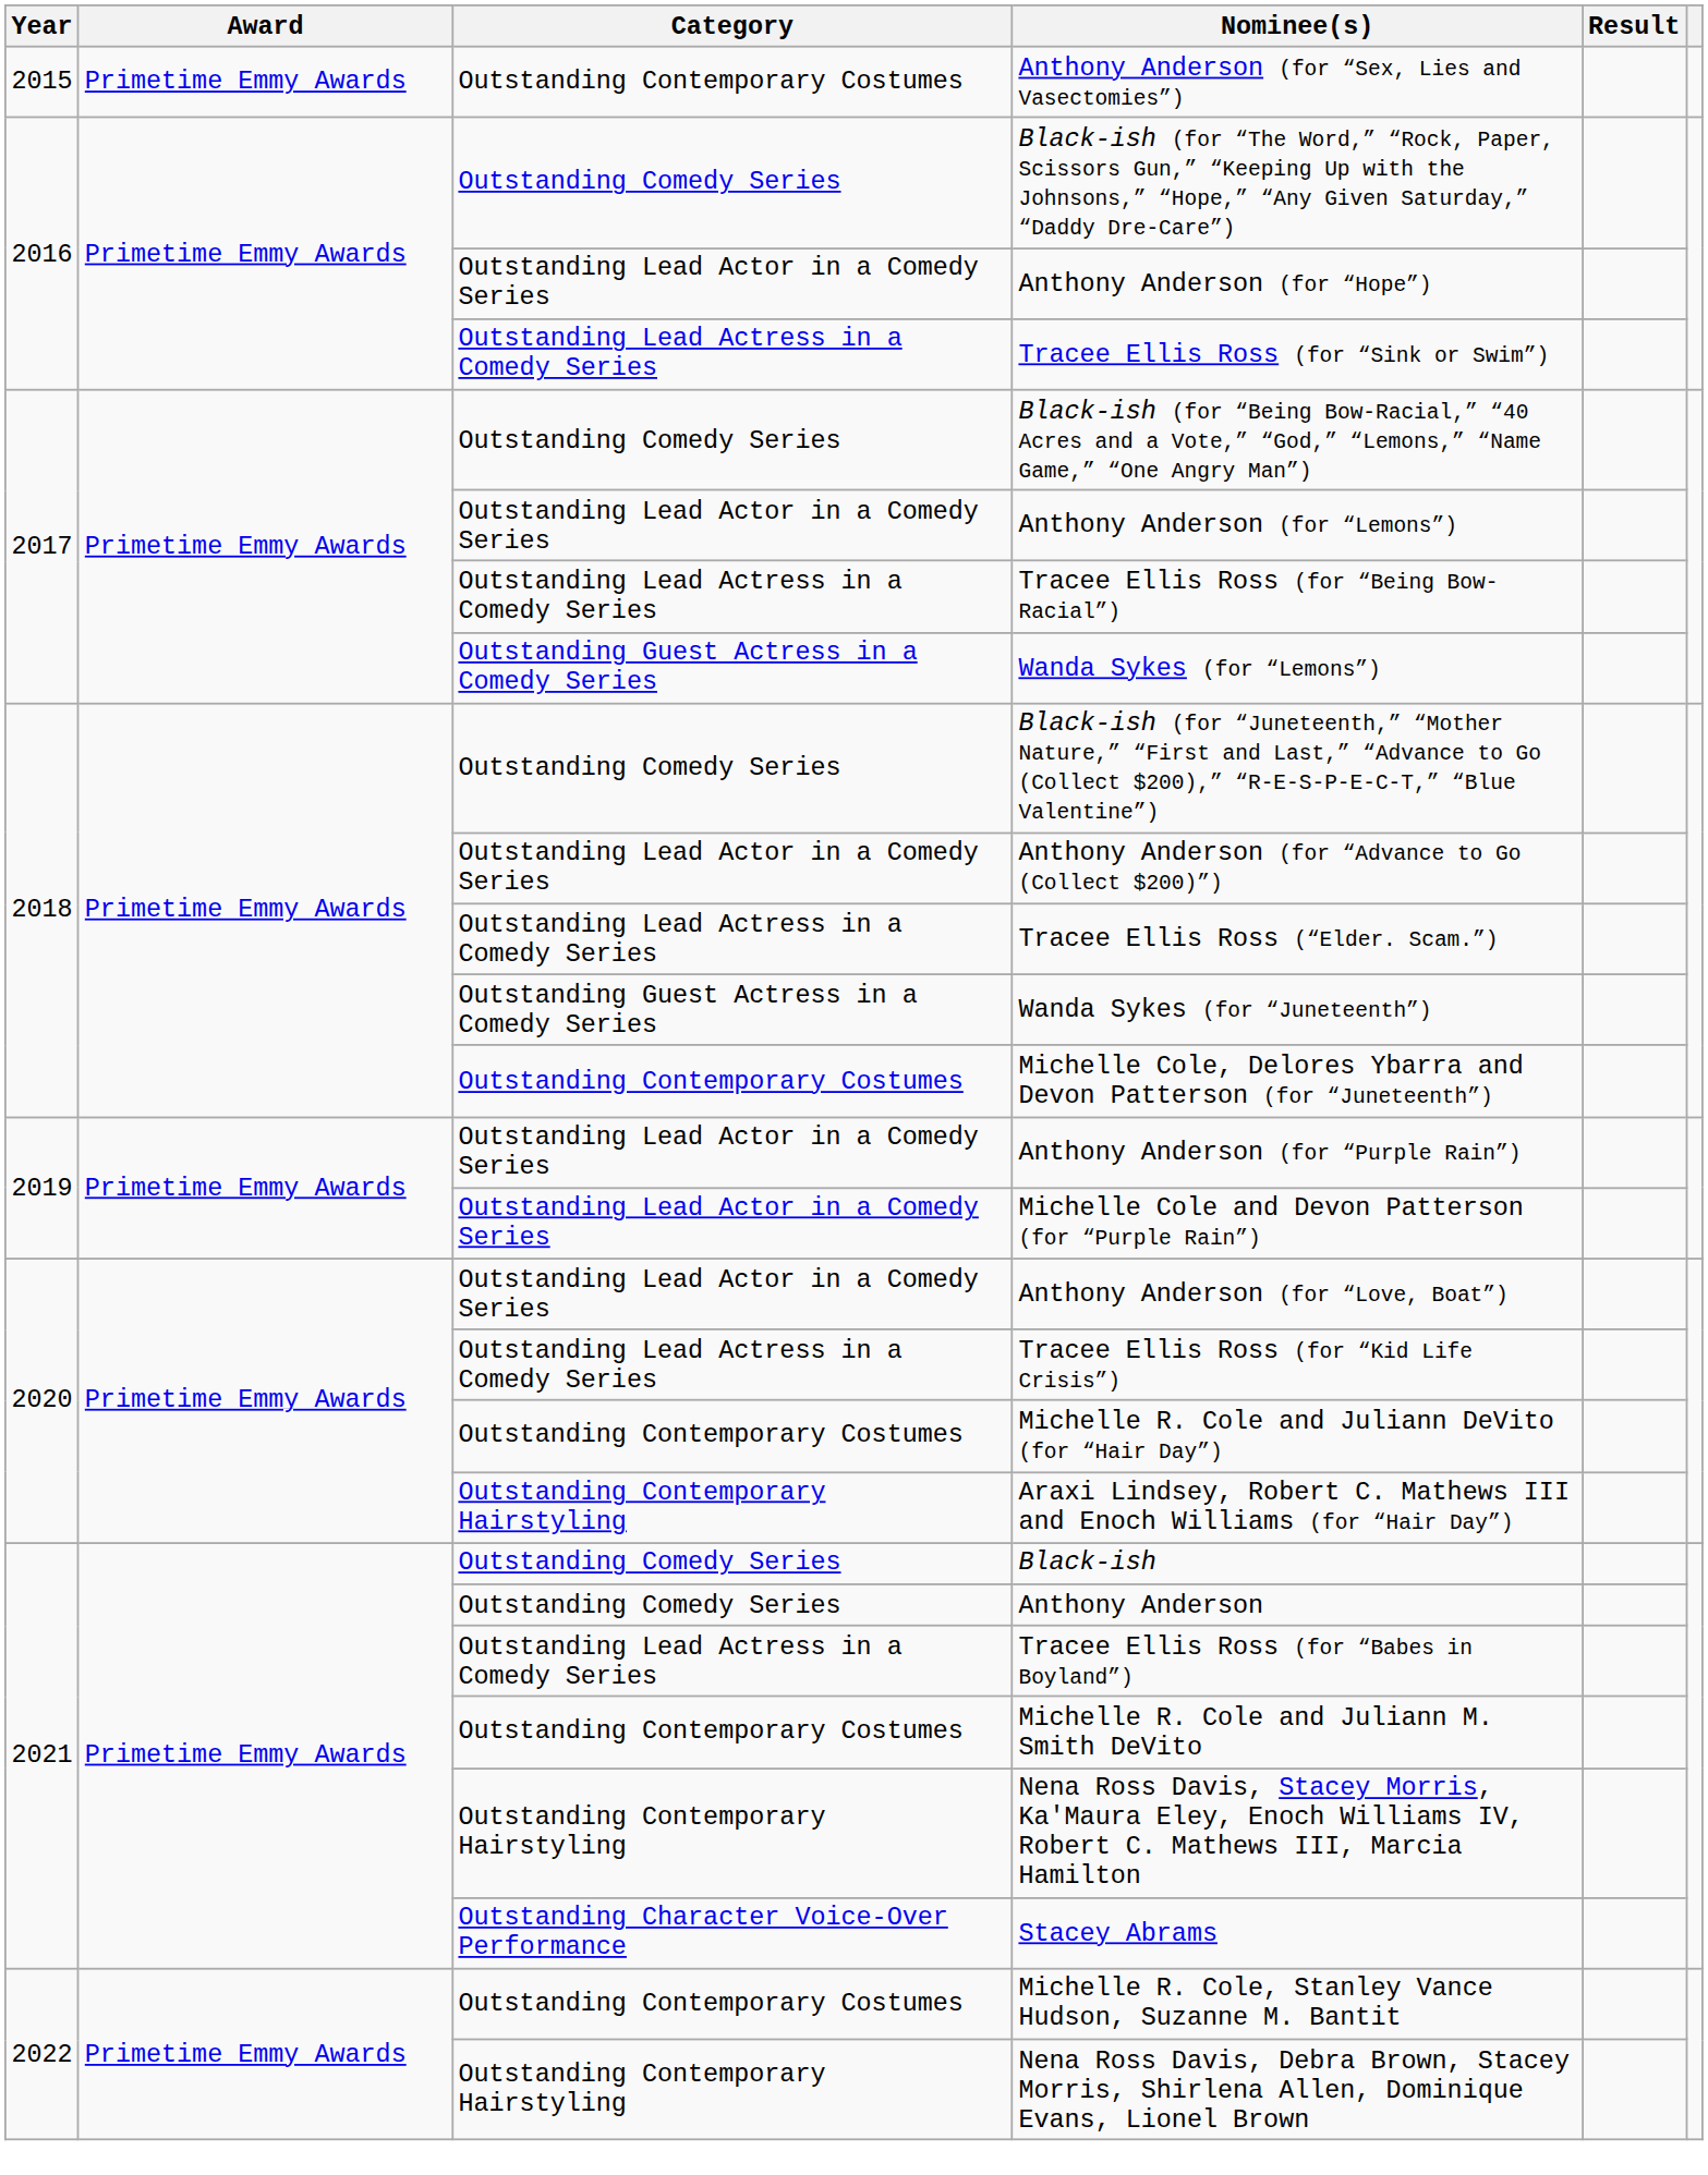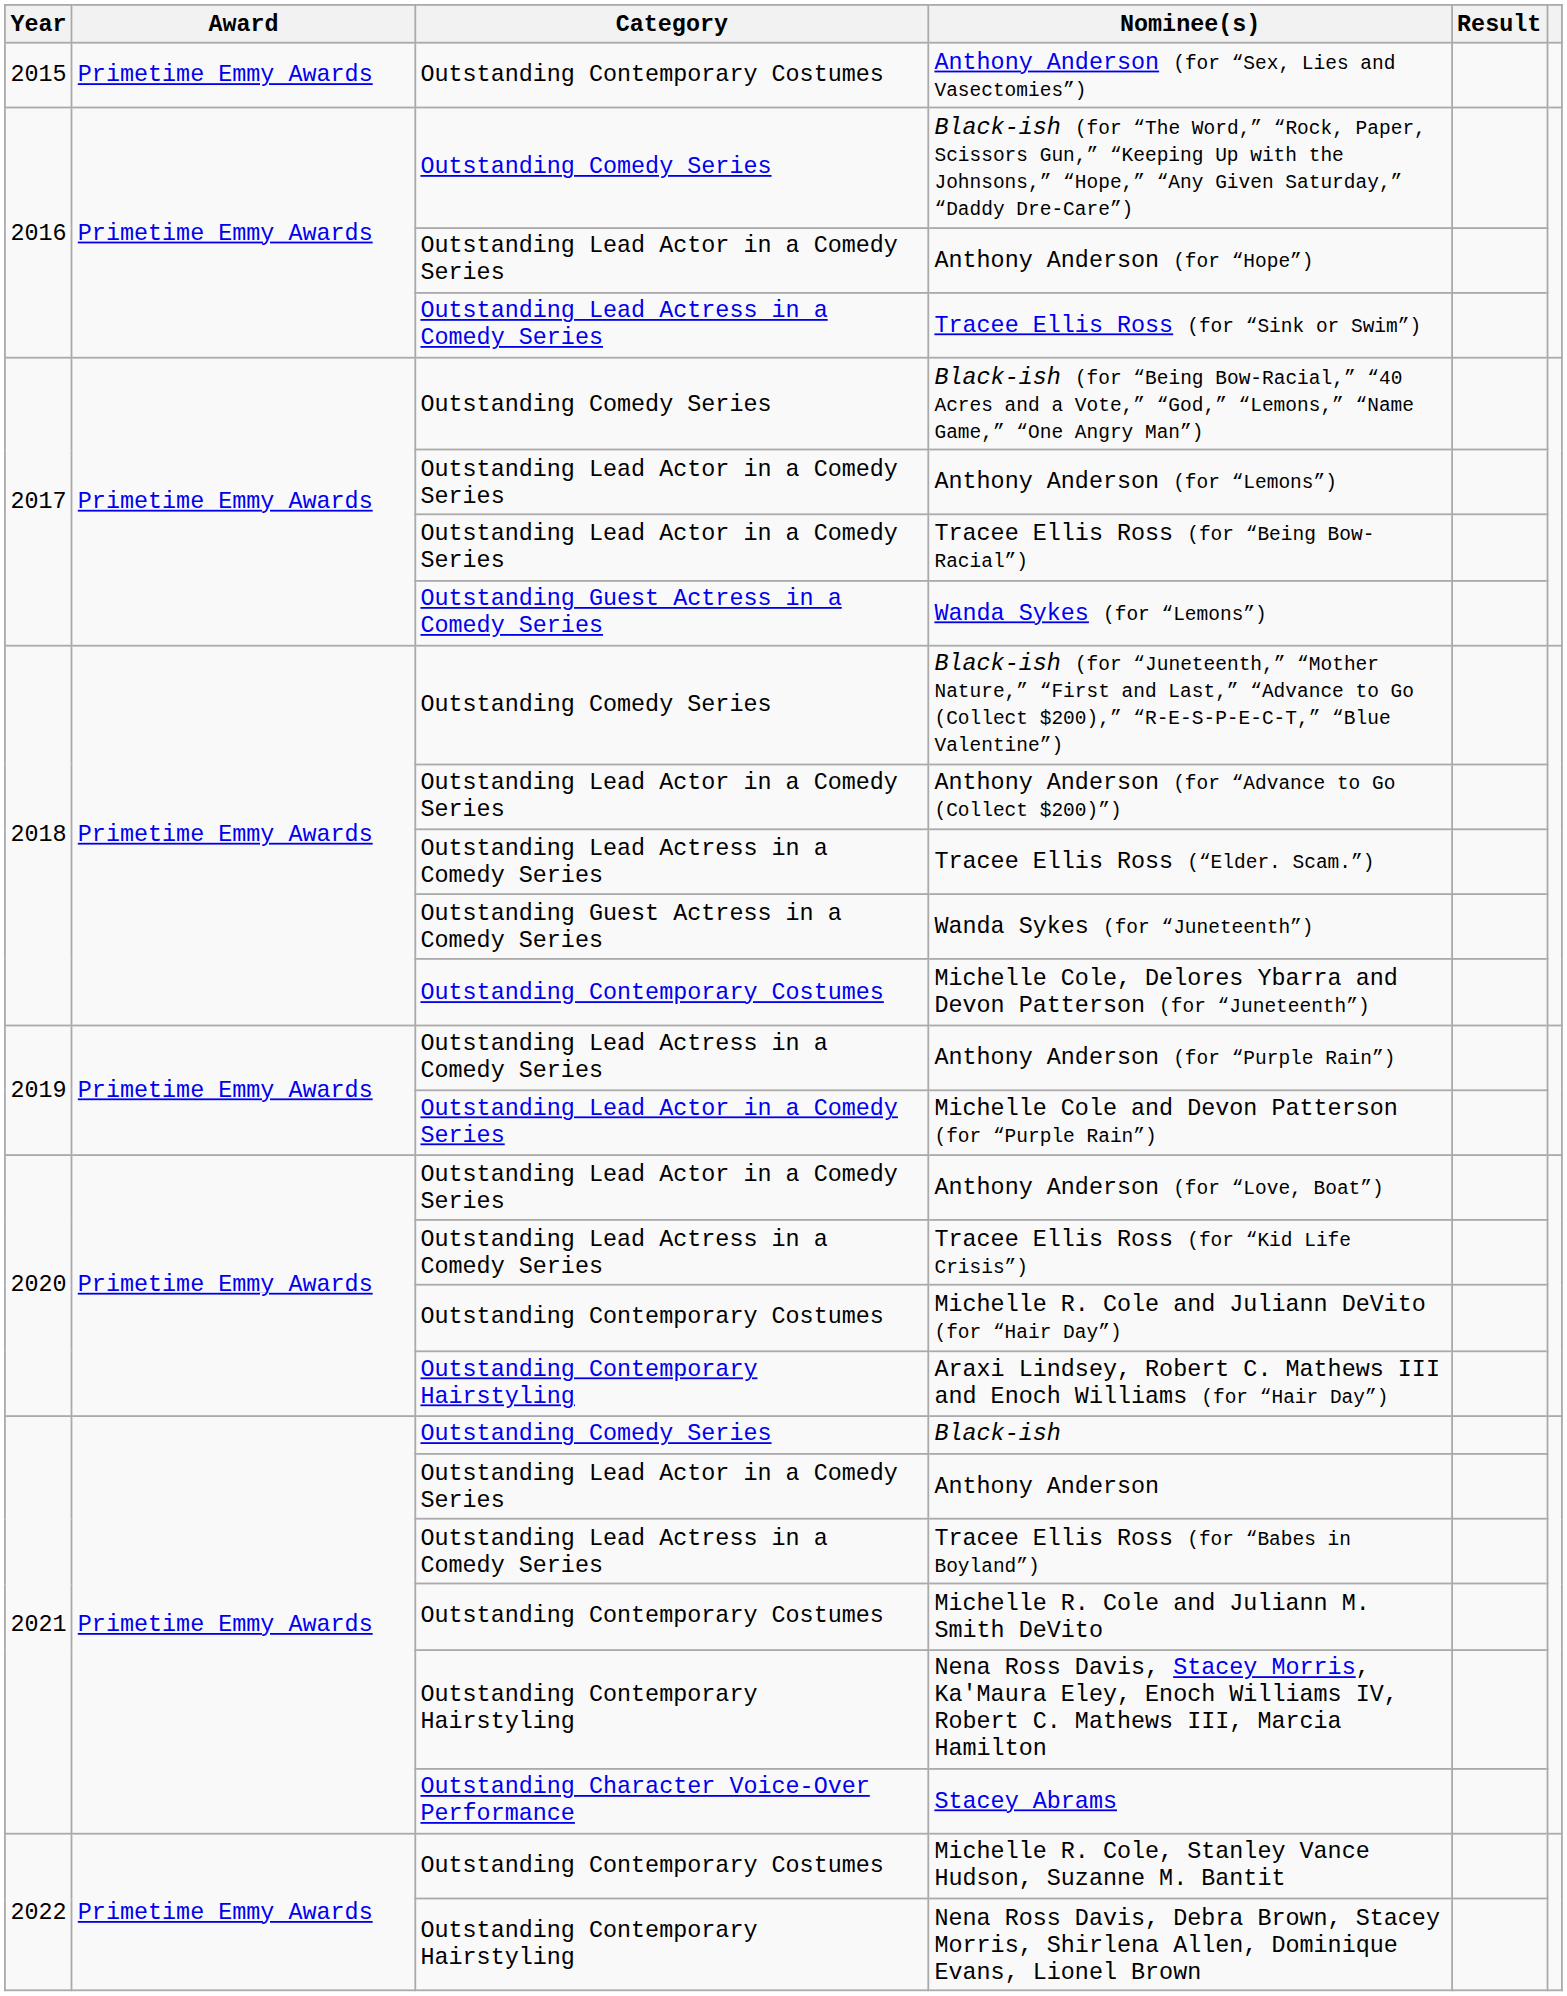 <table class="wikitable sortable" style="width:98%">
 <tr>
 <th scope="col" style="width:3%;">Year</th>
 <th scope="col" style="width:22%;">Award</th>
 <th scope="col" style="width:33%;">Category</th>
 <th>Nominee(s)</th>
 <th scope="col" style="width:6%;">Result</th>
 <th scope="col" class="unsortable" style="width:1%;"></th>
 </tr>
 <tr>
 <td>2015</td>
 <td><a href='#'>Primetime Emmy Awards</a></td>
 <td>Outstanding Contemporary Costumes</td>
 <td><a href='#'>Anthony Anderson</a> <small>(for “Sex, Lies and Vasectomies”)</small></td>
 <td></td>
 <td></td>
 </tr>
 <tr>
 <td rowspan="3">2016</td>
 <td rowspan="3"><a href='#'>Primetime Emmy Awards</a></td>
 <td><a href='#'>Outstanding Comedy Series</a></td>
 <td><em>Black-ish</em> <small>(for “The Word,” “Rock, Paper, Scissors Gun,” “Keeping Up with the Johnsons,” “Hope,” “Any Given Saturday,” “Daddy Dre-Care”)</small></td>
 <td></td>
 <td rowspan="3"></td>
 </tr>
 <tr>
 <td>Outstanding Lead Actor in a Comedy Series</td>
 <td>Anthony Anderson <small>(for “Hope”)</small></td>
 <td></td>
 </tr>
 <tr>
 <td><a href='#'>Outstanding Lead Actress in a Comedy Series</a></td>
 <td><a href='#'>Tracee Ellis Ross</a> <small>(for “Sink or Swim”)</small></td>
 <td></td>
 </tr>
 <tr>
 <td rowspan="4">2017</td>
 <td rowspan="4"><a href='#'>Primetime Emmy Awards</a></td>
 <td>Outstanding Comedy Series</td>
 <td><em>Black-ish</em> <small>(for “Being Bow-Racial,” “40 Acres and a Vote,” “God,” “Lemons,” “Name Game,” “One Angry Man”)</small></td>
 <td></td>
 <td rowspan="4"></td>
 </tr>
 <tr>
 <td>Outstanding Lead Actor in a Comedy Series</td>
 <td>Anthony Anderson <small>(for “Lemons”)</small></td>
 <td></td>
 </tr>
 <tr>
-<td>Outstanding Lead Actress in a Comedy Series</td>
+<td>Outstanding Lead Actor in a Comedy Series</td>
 <td>Tracee Ellis Ross <small>(for “Being Bow-Racial”)</small></td>
 <td></td>
 </tr>
 <tr>
 <td><a href='#'>Outstanding Guest Actress in a Comedy Series</a></td>
 <td><a href='#'>Wanda Sykes</a> <small>(for “Lemons”)</small></td>
 <td></td>
 </tr>
 <tr>
 <td rowspan="5">2018</td>
 <td rowspan="5"><a href='#'>Primetime Emmy Awards</a></td>
 <td>Outstanding Comedy Series</td>
 <td><em>Black-ish</em> <small>(for “Juneteenth,” “Mother Nature,” “First and Last,” “Advance to Go (Collect $200),” “R-E-S-P-E-C-T,” “Blue Valentine”)</small></td>
 <td></td>
 <td rowspan="5"></td>
 </tr>
 <tr>
 <td>Outstanding Lead Actor in a Comedy Series</td>
 <td>Anthony Anderson <small>(for “Advance to Go (Collect $200)”)</small></td>
 <td></td>
 </tr>
 <tr>
 <td>Outstanding Lead Actress in a Comedy Series</td>
 <td>Tracee Ellis Ross <small>(“Elder. Scam.”)</small></td>
 <td></td>
 </tr>
 <tr>
 <td>Outstanding Guest Actress in a Comedy Series</td>
 <td>Wanda Sykes <small>(for “Juneteenth”)</small></td>
 <td></td>
 </tr>
 <tr>
 <td><a href='#'>Outstanding Contemporary Costumes</a></td>
 <td>Michelle Cole, Delores Ybarra and Devon Patterson <small>(for “Juneteenth”)</small></td>
 <td></td>
 </tr>
 <tr>
 <td rowspan="2">2019</td>
 <td rowspan="2"><a href='#'>Primetime Emmy Awards</a></td>
-<td>Outstanding Lead Actor in a Comedy Series</td>
+<td>Outstanding Lead Actress in a Comedy Series</td>
 <td>Anthony Anderson <small>(for “Purple Rain”)</small></td>
 <td></td>
 <td rowspan="2"></td>
 </tr>
 <tr>
 <td><a href='#'>Outstanding Lead Actor in a Comedy Series</a></td>
 <td>Michelle Cole and Devon Patterson <small>(for “Purple Rain”)</small></td>
 <td></td>
 </tr>
 <tr>
 <td rowspan="4">2020</td>
 <td rowspan="4"><a href='#'>Primetime Emmy Awards</a></td>
 <td>Outstanding Lead Actor in a Comedy Series</td>
 <td>Anthony Anderson <small>(for “Love, Boat”)</small></td>
 <td></td>
 <td rowspan="4"></td>
 </tr>
 <tr>
 <td>Outstanding Lead Actress in a Comedy Series</td>
 <td>Tracee Ellis Ross <small>(for “Kid Life Crisis”)</small></td>
 <td></td>
 </tr>
 <tr>
 <td>Outstanding Contemporary Costumes</td>
 <td>Michelle R. Cole and Juliann DeVito <small>(for “Hair Day”)</small></td>
 <td></td>
 </tr>
 <tr>
 <td><a href='#'>Outstanding Contemporary Hairstyling</a></td>
 <td>Araxi Lindsey, Robert C. Mathews III and Enoch Williams <small>(for “Hair Day”)</small></td>
 <td></td>
 </tr>
 <tr>
 <td rowspan="6">2021</td>
 <td rowspan="6"><a href='#'>Primetime Emmy Awards</a></td>
 <td><a href='#'>Outstanding Comedy Series</a></td>
 <td><em>Black-ish</em></td>
 <td></td>
 <td rowspan="6"></td>
 </tr>
 <tr>
-<td>Outstanding Comedy Series</td>
+<td>Outstanding Lead Actor in a Comedy Series</td>
 <td>Anthony Anderson</td>
 <td></td>
 </tr>
 <tr>
 <td>Outstanding Lead Actress in a Comedy Series</td>
 <td>Tracee Ellis Ross <small>(for “Babes in Boyland”)</small></td>
 <td></td>
 </tr>
 <tr>
 <td>Outstanding Contemporary Costumes</td>
 <td>Michelle R. Cole and Juliann M. Smith DeVito </td>
 <td></td>
 </tr>
 <tr>
 <td>Outstanding Contemporary Hairstyling</td>
 <td>Nena Ross Davis, <a href='#'>Stacey Morris</a>, Ka'Maura Eley, Enoch Williams IV, Robert C. Mathews III, Marcia Hamilton </td>
 <td></td>
 </tr>
 <tr>
 <td><a href='#'>Outstanding Character Voice-Over Performance</a></td>
 <td><a href='#'>Stacey Abrams</a> </td>
 <td></td>
 </tr>
 <tr>
 <td rowspan="2">2022</td>
 <td rowspan="2"><a href='#'>Primetime Emmy Awards</a></td>
 <td>Outstanding Contemporary Costumes</td>
 <td>Michelle R. Cole, Stanley Vance Hudson, Suzanne M. Bantit </td>
 <td></td>
 <td rowspan="2"></td>
 </tr>
 <tr>
 <td>Outstanding Contemporary Hairstyling</td>
 <td>Nena Ross Davis, Debra Brown, Stacey Morris, Shirlena Allen, Dominique Evans, Lionel Brown </td>
 <td></td>
 </tr>
 </table>
